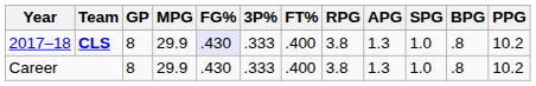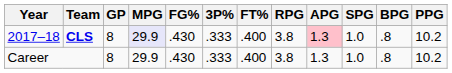 <table class="wikitable sortable">
 <tr>
 <th>Year</th>
 <th>Team</th>
 <th>GP</th>
 <th>MPG</th>
 <th>FG%</th>
 <th>3P%</th>
 <th>FT%</th>
 <th>RPG</th>
 <th>APG</th>
 <th>SPG</th>
 <th>BPG</th>
 <th>PPG</th>
 </tr>
 <tr>
 <td><a href='#'>2017–18</a></td>
 <td><strong><a href='#'>CLS</a></strong></td>
 <td>8</td>
-<td>29.9</td>
-<td style="background: lavender;">.430</td>
+<td style="background: lavender;">29.9</td>
+<td>.430</td>
 <td>.333</td>
 <td>.400</td>
 <td>3.8</td>
-<td>1.3</td>
+<td style="background: pink;">1.3</td>
 <td>1.0</td>
 <td>.8</td>
 <td>10.2</td>
 </tr>
 <tr>
 <td colspan="2">Career</td>
 <td>8</td>
 <td>29.9</td>
 <td>.430</td>
 <td>.333</td>
 <td>.400</td>
 <td>3.8</td>
 <td>1.3</td>
 <td>1.0</td>
 <td>.8</td>
 <td>10.2</td>
 </tr>
 </table>
